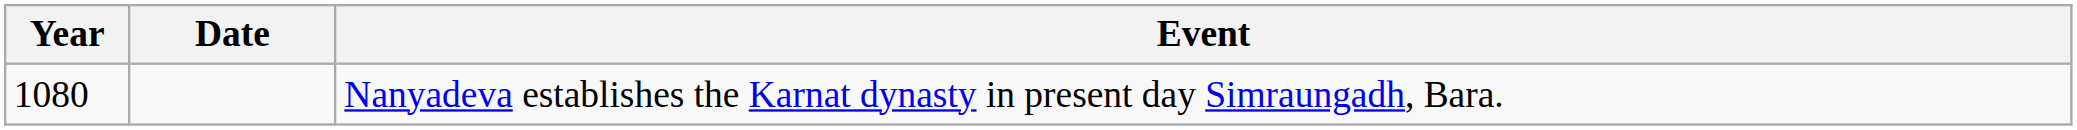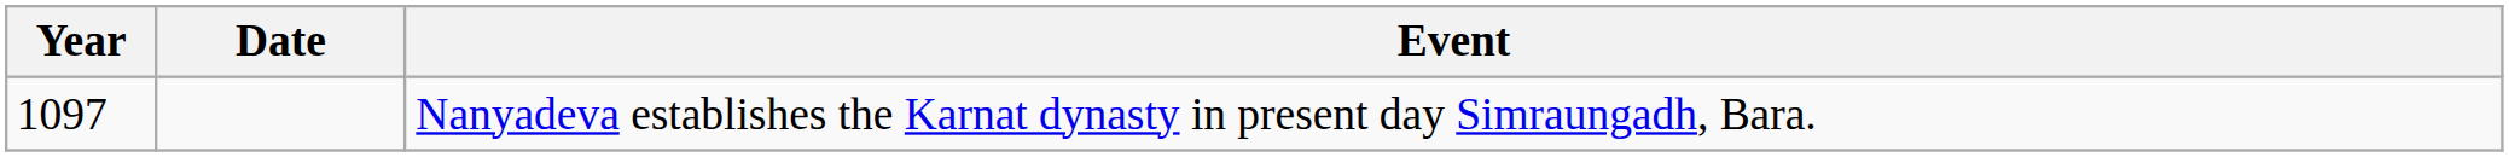 <table class="wikitable" width="100%">
 <tr>
 <th style="width:6%">Year</th>
 <th style="width:10%">Date</th>
 <th>Event</th>
 </tr>
 <tr>
-<td>1080</td>
+<td>1097</td>
 <td></td>
 <td><a href='#'>Nanyadeva</a> establishes the <a href='#'>Karnat dynasty</a> in present day <a href='#'>Simraungadh</a>, Bara.</td>
 </tr>
 </table>
